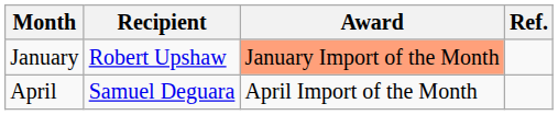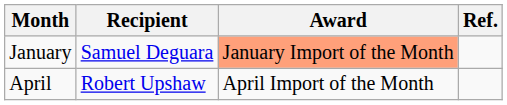 <table class="wikitable">
 <tr>
 <th>Month</th>
 <th>Recipient</th>
 <th>Award</th>
 <th>Ref.</th>
 </tr>
 <tr>
 <td>January</td>
-<td><a href='#'>Robert Upshaw</a></td>
+<td><a href='#'>Samuel Deguara</a></td>
 <td style="background: lightsalmon;">January Import of the Month</td>
 <td></td>
 </tr>
 <tr>
 <td>April</td>
-<td><a href='#'>Samuel Deguara</a></td>
+<td><a href='#'>Robert Upshaw</a></td>
 <td>April Import of the Month</td>
 <td></td>
 </tr>
 </table>
